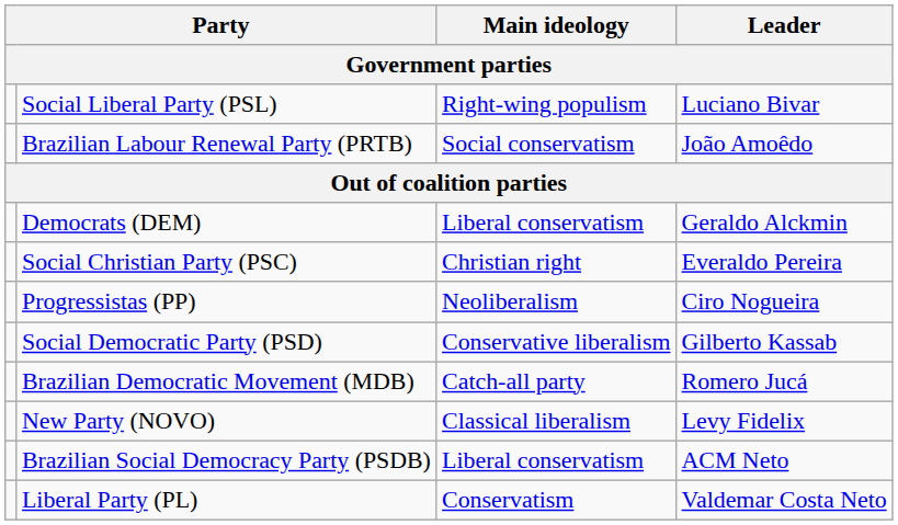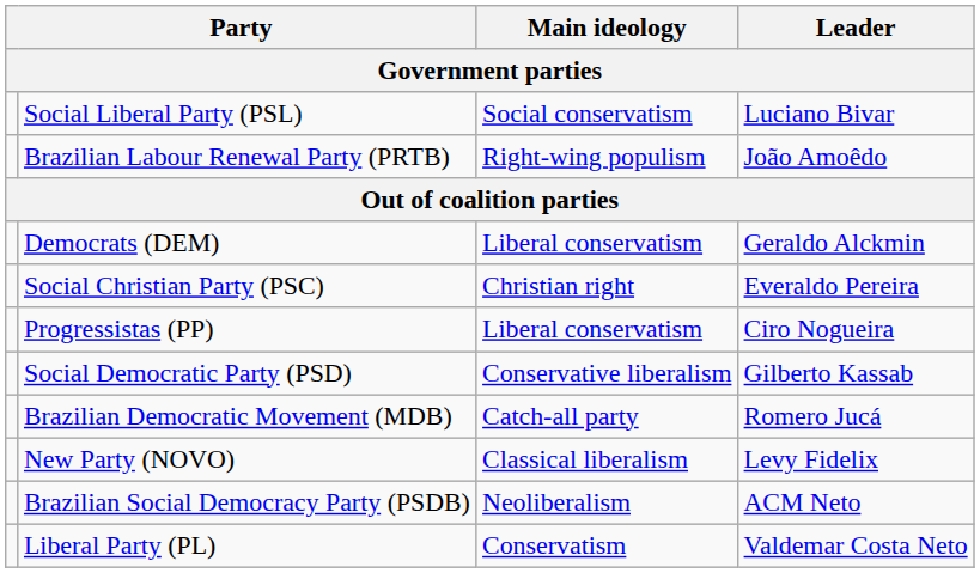 <table class="wikitable" style="font-size:95%">
 <tr>
 <th colspan=2>Party</th>
 <th>Main ideology</th>
 <th>Leader</th>
 </tr>
 <tr>
 <th colspan=5>Government parties</th>
 </tr>
 <tr>
 <td style="color:inherit;background:"></td>
 <td><a href='#'>Social Liberal Party</a> (PSL)</td>
-<td><a href='#'>Right-wing populism</a></td>
+<td><a href='#'>Social conservatism</a></td>
 <td><a href='#'>Luciano Bivar</a></td>
 </tr>
 <tr>
 <td style="color:inherit;background:"></td>
 <td><a href='#'>Brazilian Labour Renewal Party</a> (PRTB)</td>
-<td><a href='#'>Social conservatism</a></td>
+<td><a href='#'>Right-wing populism</a></td>
 <td><a href='#'>João Amoêdo</a></td>
 </tr>
 <tr>
 <th colspan=5>Out of coalition parties</th>
 </tr>
 <tr>
 <td style="color:inherit;background:"></td>
 <td><a href='#'>Democrats</a> (DEM)</td>
 <td><a href='#'>Liberal conservatism</a></td>
 <td><a href='#'>Geraldo Alckmin</a></td>
 </tr>
 <tr>
 <td style="color:inherit;background:"></td>
 <td><a href='#'>Social Christian Party</a> (PSC)</td>
 <td><a href='#'>Christian right</a></td>
 <td><a href='#'>Everaldo Pereira</a></td>
 </tr>
 <tr>
 <td style="color:inherit;background:"></td>
 <td><a href='#'>Progressistas</a> (PP)</td>
-<td><a href='#'>Neoliberalism</a></td>
+<td><a href='#'>Liberal conservatism</a></td>
 <td><a href='#'>Ciro Nogueira</a></td>
 </tr>
 <tr>
 <td style="color:inherit;background:"></td>
 <td><a href='#'>Social Democratic Party</a> (PSD)</td>
 <td><a href='#'>Conservative liberalism</a></td>
 <td><a href='#'>Gilberto Kassab</a></td>
 </tr>
 <tr>
 <td style="color:inherit;background:"></td>
 <td><a href='#'>Brazilian Democratic Movement</a> (MDB)</td>
 <td><a href='#'>Catch-all party</a></td>
 <td><a href='#'>Romero Jucá</a></td>
 </tr>
 <tr>
 <td style="color:inherit;background:"></td>
 <td><a href='#'>New Party</a> (NOVO)</td>
 <td><a href='#'>Classical liberalism</a></td>
 <td><a href='#'>Levy Fidelix</a></td>
 </tr>
 <tr>
 <td style="color:inherit;background:"></td>
 <td><a href='#'>Brazilian Social Democracy Party</a> (PSDB)</td>
-<td><a href='#'>Liberal conservatism</a></td>
+<td><a href='#'>Neoliberalism</a></td>
 <td><a href='#'>ACM Neto</a></td>
 </tr>
 <tr>
 <td style="color:inherit;background:"></td>
 <td><a href='#'>Liberal Party</a> (PL)</td>
 <td><a href='#'>Conservatism</a></td>
 <td><a href='#'>Valdemar Costa Neto</a></td>
 </tr>
 </table>
